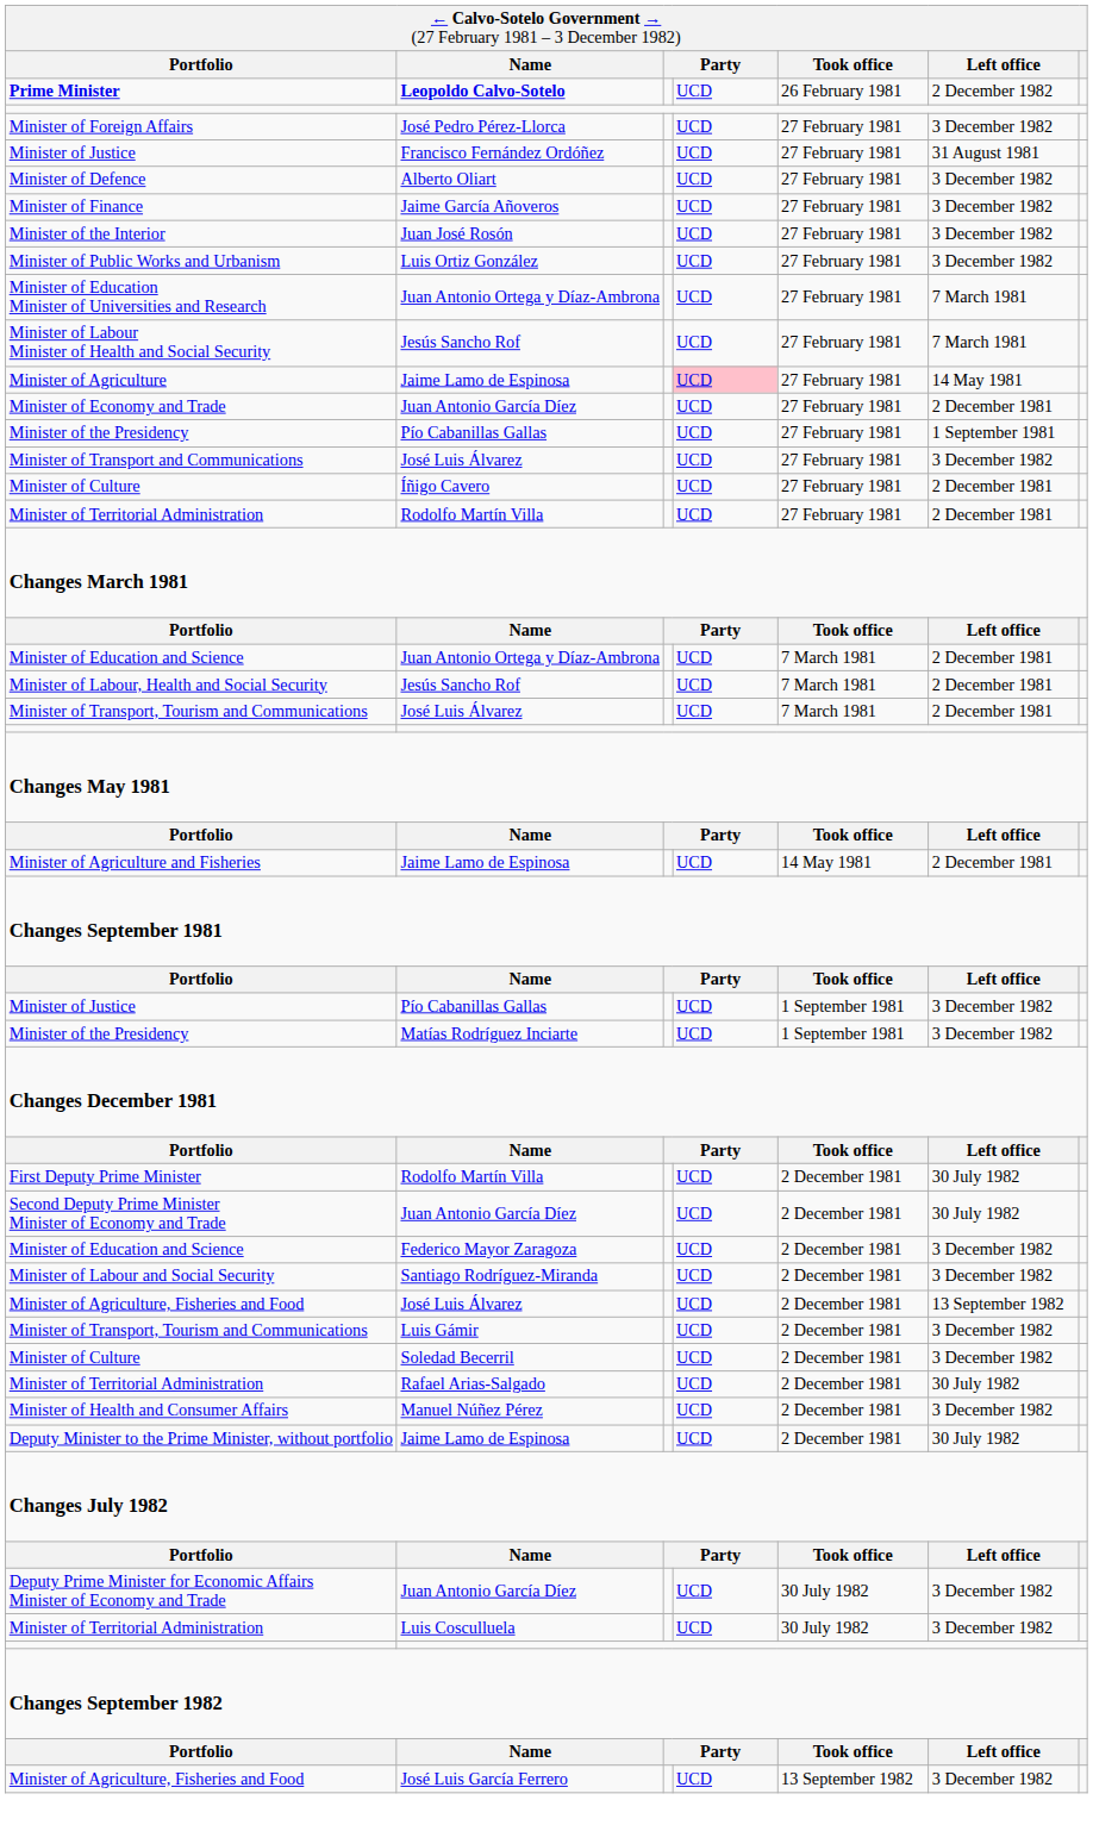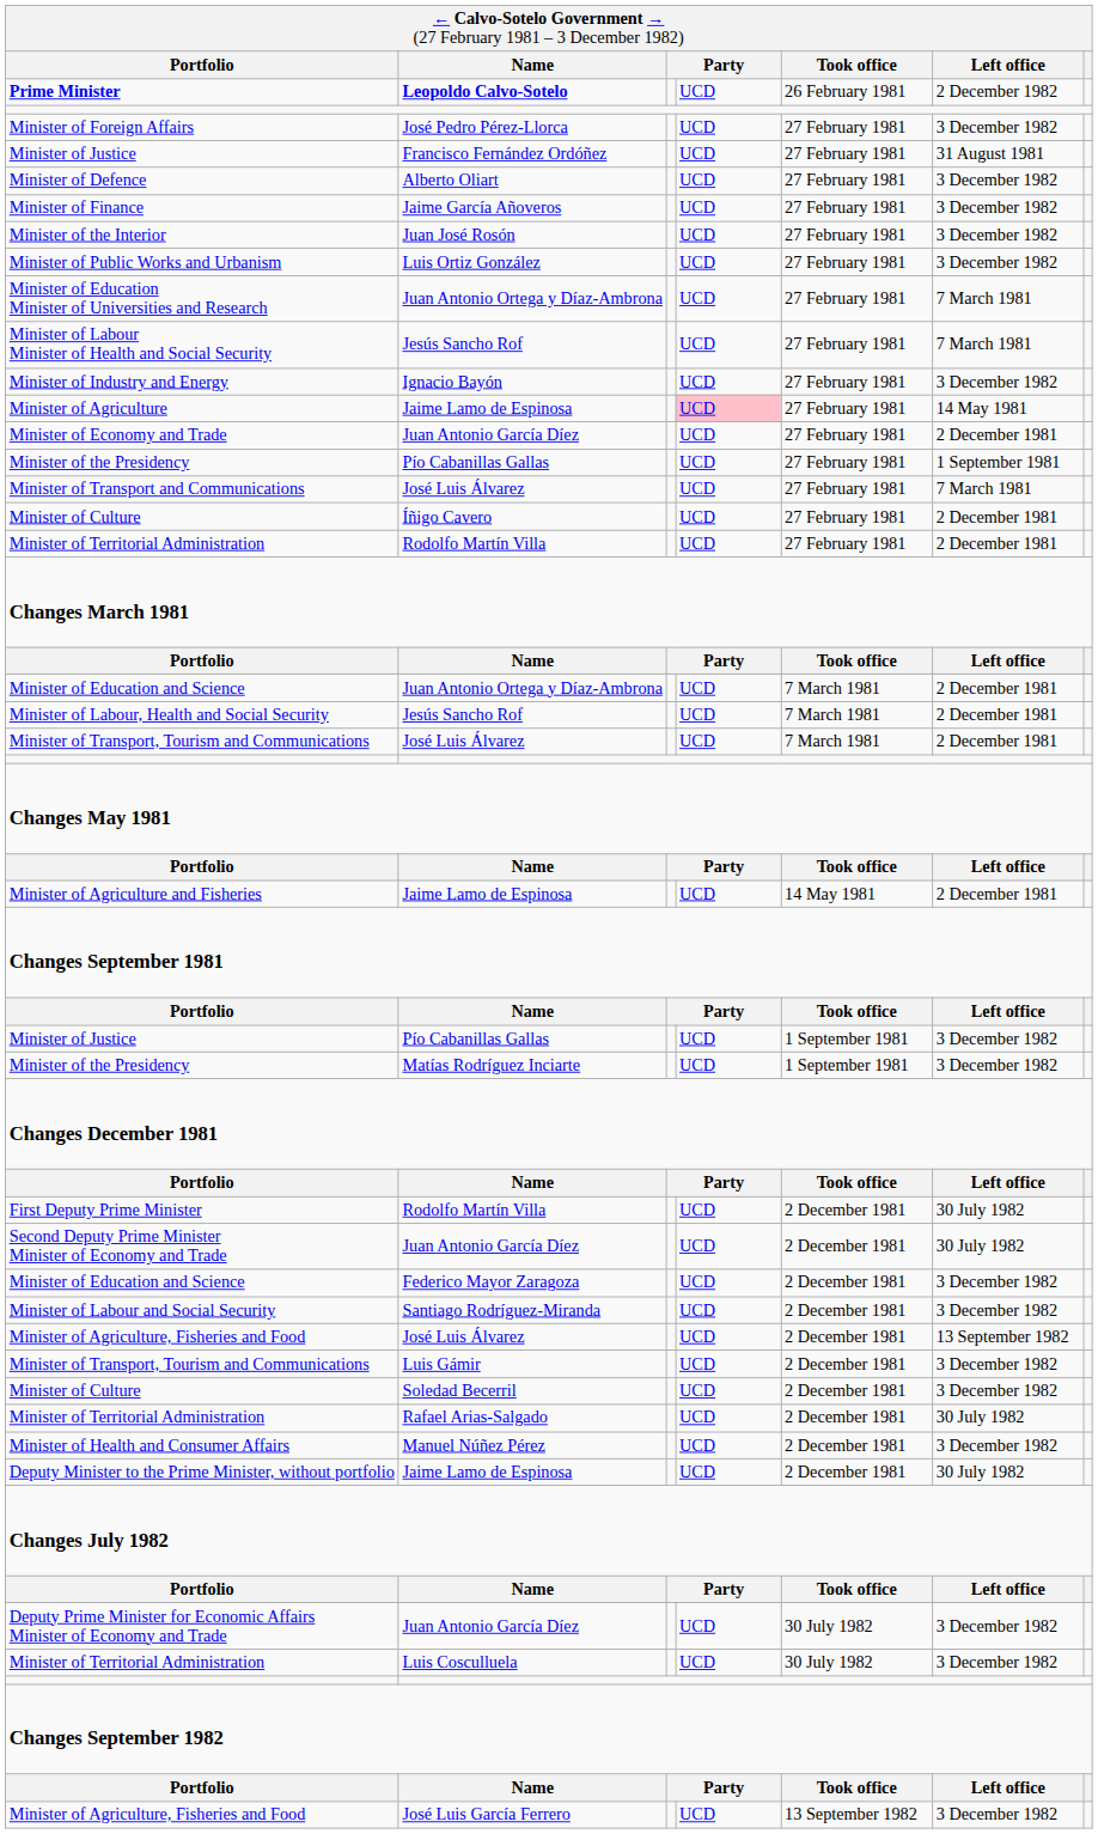 <table class="wikitable">
 <tr>
 <td colspan="7" bgcolor="#F2F2F2" align="center"><a href='#'>←</a> <strong>Calvo-Sotelo Government</strong> <a href='#'>→</a><br>(27 February 1981 – 3 December 1982)</td>
 </tr>
 <tr>
 <th>Portfolio</th>
 <th>Name</th>
 <th width="100px" colspan="2">Party</th>
 <th width="135px">Took office</th>
 <th width="135px">Left office</th>
 <th></th>
 </tr>
 <tr>
 <td><strong><a href='#'>Prime Minister</a></strong></td>
 <td><strong><a href='#'>Leopoldo Calvo-Sotelo</a></strong></td>
 <td width="1" style="background-color:"></td>
 <td><a href='#'>UCD</a></td>
 <td>26 February 1981</td>
 <td>2 December 1982</td>
 <td align="center"></td>
 </tr>
 <tr>
 <td colspan="7"></td>
 </tr>
 <tr>
 <td><a href='#'>Minister of Foreign Affairs</a></td>
 <td><a href='#'>José Pedro Pérez-Llorca</a></td>
 <td style="background-color:"></td>
 <td><a href='#'>UCD</a></td>
 <td>27 February 1981</td>
 <td>3 December 1982</td>
 <td align="center"></td>
 </tr>
 <tr>
 <td><a href='#'>Minister of Justice</a></td>
 <td><a href='#'>Francisco Fernández Ordóñez</a></td>
 <td style="background-color:"></td>
 <td><a href='#'>UCD</a></td>
 <td>27 February 1981</td>
 <td>31 August 1981</td>
 <td align="center"></td>
 </tr>
 <tr>
 <td><a href='#'>Minister of Defence</a></td>
 <td><a href='#'>Alberto Oliart</a></td>
 <td style="background-color:"></td>
 <td><a href='#'>UCD</a></td>
 <td>27 February 1981</td>
 <td>3 December 1982</td>
 <td align="center"></td>
 </tr>
 <tr>
 <td><a href='#'>Minister of Finance</a></td>
 <td><a href='#'>Jaime García Añoveros</a></td>
 <td style="background-color:"></td>
 <td><a href='#'>UCD</a></td>
 <td>27 February 1981</td>
 <td>3 December 1982</td>
 <td align="center"></td>
 </tr>
 <tr>
 <td><a href='#'>Minister of the Interior</a></td>
 <td><a href='#'>Juan José Rosón</a></td>
 <td style="background-color:"></td>
 <td><a href='#'>UCD</a></td>
 <td>27 February 1981</td>
 <td>3 December 1982</td>
 <td align="center"></td>
 </tr>
 <tr>
 <td><a href='#'>Minister of Public Works and Urbanism</a></td>
 <td><a href='#'>Luis Ortiz González</a></td>
 <td style="background-color:"></td>
 <td><a href='#'>UCD</a></td>
 <td>27 February 1981</td>
 <td>3 December 1982</td>
 <td align="center"></td>
 </tr>
 <tr>
 <td><a href='#'>Minister of Education</a><br><a href='#'>Minister of Universities and Research</a></td>
 <td><a href='#'>Juan Antonio Ortega y Díaz-Ambrona</a></td>
 <td style="background-color:"></td>
 <td><a href='#'>UCD</a></td>
 <td>27 February 1981</td>
 <td>7 March 1981</td>
 <td align="center"></td>
 </tr>
 <tr>
 <td><a href='#'>Minister of Labour</a><br><a href='#'>Minister of Health and Social Security</a></td>
 <td><a href='#'>Jesús Sancho Rof</a></td>
 <td style="background-color:"></td>
 <td><a href='#'>UCD</a></td>
 <td>27 February 1981</td>
 <td>7 March 1981</td>
 <td align="center"></td>
 </tr>
 <tr>
+<td><a href='#'>Minister of Industry and Energy</a></td>
+<td><a href='#'>Ignacio Bayón</a></td>
+<td style="background-color:"></td>
+<td><a href='#'>UCD</a> </td>
+<td>27 February 1981</td>
+<td>3 December 1982</td>
+<td align="center"></td>
+</tr>
+<tr>
 <td><a href='#'>Minister of Agriculture</a></td>
 <td><a href='#'>Jaime Lamo de Espinosa</a></td>
 <td style="background-color:"></td>
 <td style="background: pink;"><a href='#'>UCD</a></td>
 <td>27 February 1981</td>
 <td>14 May 1981</td>
 <td align="center"></td>
 </tr>
 <tr>
 <td><a href='#'>Minister of Economy and Trade</a></td>
 <td><a href='#'>Juan Antonio García Díez</a></td>
 <td style="background-color:"></td>
 <td><a href='#'>UCD</a></td>
 <td>27 February 1981</td>
 <td>2 December 1981</td>
 <td align="center"></td>
 </tr>
 <tr>
 <td><a href='#'>Minister of the Presidency</a></td>
 <td><a href='#'>Pío Cabanillas Gallas</a></td>
 <td style="background-color:"></td>
 <td><a href='#'>UCD</a></td>
 <td>27 February 1981</td>
 <td>1 September 1981</td>
 <td align="center"></td>
 </tr>
 <tr>
 <td><a href='#'>Minister of Transport and Communications</a></td>
 <td><a href='#'>José Luis Álvarez</a></td>
 <td style="background-color:"></td>
 <td><a href='#'>UCD</a></td>
 <td>27 February 1981</td>
-<td>3 December 1982</td>
+<td>7 March 1981</td>
 <td align="center"></td>
 </tr>
 <tr>
 <td><a href='#'>Minister of Culture</a></td>
 <td><a href='#'>Íñigo Cavero</a></td>
 <td style="background-color:"></td>
 <td><a href='#'>UCD</a></td>
 <td>27 February 1981</td>
 <td>2 December 1981</td>
 <td align="center"></td>
 </tr>
 <tr>
 <td><a href='#'>Minister of Territorial Administration</a></td>
 <td><a href='#'>Rodolfo Martín Villa</a></td>
 <td style="background-color:"></td>
 <td><a href='#'>UCD</a></td>
 <td>27 February 1981</td>
 <td>2 December 1981</td>
 <td align="center"></td>
 </tr>
 <tr>
 <td colspan="7"><br><h3>Changes March 1981</h3></td>
 </tr>
 <tr>
 <th>Portfolio</th>
 <th>Name</th>
 <th colspan="2">Party</th>
 <th>Took office</th>
 <th>Left office</th>
 <th></th>
 </tr>
 <tr>
 <td><a href='#'>Minister of Education and Science</a></td>
 <td><a href='#'>Juan Antonio Ortega y Díaz-Ambrona</a></td>
 <td style="background-color:"></td>
 <td><a href='#'>UCD</a></td>
 <td>7 March 1981</td>
 <td>2 December 1981</td>
 <td align="center"></td>
 </tr>
 <tr>
 <td><a href='#'>Minister of Labour, Health and Social Security</a></td>
 <td><a href='#'>Jesús Sancho Rof</a></td>
 <td style="background-color:"></td>
 <td><a href='#'>UCD</a></td>
 <td>7 March 1981</td>
 <td>2 December 1981</td>
 <td align="center"></td>
 </tr>
 <tr>
 <td><a href='#'>Minister of Transport, Tourism and Communications</a></td>
 <td><a href='#'>José Luis Álvarez</a></td>
 <td style="background-color:"></td>
 <td><a href='#'>UCD</a></td>
 <td>7 March 1981</td>
 <td>2 December 1981</td>
 <td align="center"></td>
 </tr>
 <tr>
 <td></td>
 <td colspan="6"></td>
 </tr>
 <tr>
 <td colspan="7"><br><h3>Changes May 1981</h3></td>
 </tr>
 <tr>
 <th>Portfolio</th>
 <th>Name</th>
 <th colspan="2">Party</th>
 <th>Took office</th>
 <th>Left office</th>
 <th></th>
 </tr>
 <tr>
 <td><a href='#'>Minister of Agriculture and Fisheries</a></td>
 <td><a href='#'>Jaime Lamo de Espinosa</a></td>
 <td style="background-color:"></td>
 <td><a href='#'>UCD</a></td>
 <td>14 May 1981</td>
 <td>2 December 1981</td>
 <td align="center"></td>
 </tr>
 <tr>
 <td colspan="7"><br><h3>Changes September 1981</h3></td>
 </tr>
 <tr>
 <th>Portfolio</th>
 <th>Name</th>
 <th colspan="2">Party</th>
 <th>Took office</th>
 <th>Left office</th>
 <th></th>
 </tr>
 <tr>
 <td><a href='#'>Minister of Justice</a></td>
 <td><a href='#'>Pío Cabanillas Gallas</a></td>
 <td style="background-color:"></td>
 <td><a href='#'>UCD</a></td>
 <td>1 September 1981</td>
 <td>3 December 1982</td>
 <td align="center"></td>
 </tr>
 <tr>
 <td><a href='#'>Minister of the Presidency</a></td>
 <td><a href='#'>Matías Rodríguez Inciarte</a></td>
 <td style="background-color:"></td>
 <td><a href='#'>UCD</a></td>
 <td>1 September 1981</td>
 <td>3 December 1982</td>
 <td align="center"></td>
 </tr>
 <tr>
 <td colspan="7"><br><h3>Changes December 1981</h3></td>
 </tr>
 <tr>
 <th>Portfolio</th>
 <th>Name</th>
 <th colspan="2">Party</th>
 <th>Took office</th>
 <th>Left office</th>
 <th></th>
 </tr>
 <tr>
 <td><a href='#'>First Deputy Prime Minister</a></td>
 <td><a href='#'>Rodolfo Martín Villa</a></td>
 <td style="background-color:"></td>
 <td><a href='#'>UCD</a></td>
 <td>2 December 1981</td>
 <td>30 July 1982</td>
 <td align="center"></td>
 </tr>
 <tr>
 <td><a href='#'>Second Deputy Prime Minister</a><br><a href='#'>Minister of Economy and Trade</a></td>
 <td><a href='#'>Juan Antonio García Díez</a></td>
 <td style="background-color:"></td>
 <td><a href='#'>UCD</a></td>
 <td>2 December 1981</td>
 <td>30 July 1982</td>
 <td align="center"></td>
 </tr>
 <tr>
 <td><a href='#'>Minister of Education and Science</a></td>
 <td><a href='#'>Federico Mayor Zaragoza</a></td>
 <td style="background-color:"></td>
 <td><a href='#'>UCD</a> </td>
 <td>2 December 1981</td>
 <td>3 December 1982</td>
 <td align="center"></td>
 </tr>
 <tr>
 <td><a href='#'>Minister of Labour and Social Security</a></td>
 <td><a href='#'>Santiago Rodríguez-Miranda</a></td>
 <td style="background-color:"></td>
 <td><a href='#'>UCD</a> </td>
 <td>2 December 1981</td>
 <td>3 December 1982</td>
 <td align="center"></td>
 </tr>
 <tr>
 <td><a href='#'>Minister of Agriculture, Fisheries and Food</a></td>
 <td><a href='#'>José Luis Álvarez</a></td>
 <td style="background-color:"></td>
 <td><a href='#'>UCD</a></td>
 <td>2 December 1981</td>
 <td>13 September 1982</td>
 <td align="center"></td>
 </tr>
 <tr>
 <td><a href='#'>Minister of Transport, Tourism and Communications</a></td>
 <td><a href='#'>Luis Gámir</a></td>
 <td style="background-color:"></td>
 <td><a href='#'>UCD</a></td>
 <td>2 December 1981</td>
 <td>3 December 1982</td>
 <td align="center"></td>
 </tr>
 <tr>
 <td><a href='#'>Minister of Culture</a></td>
 <td><a href='#'>Soledad Becerril</a></td>
 <td style="background-color:"></td>
 <td><a href='#'>UCD</a></td>
 <td>2 December 1981</td>
 <td>3 December 1982</td>
 <td align="center"></td>
 </tr>
 <tr>
 <td><a href='#'>Minister of Territorial Administration</a></td>
 <td><a href='#'>Rafael Arias-Salgado</a></td>
 <td style="background-color:"></td>
 <td><a href='#'>UCD</a></td>
 <td>2 December 1981</td>
 <td>30 July 1982</td>
 <td align="center"></td>
 </tr>
 <tr>
 <td><a href='#'>Minister of Health and Consumer Affairs</a></td>
 <td><a href='#'>Manuel Núñez Pérez</a></td>
 <td style="background-color:"></td>
 <td><a href='#'>UCD</a></td>
 <td>2 December 1981</td>
 <td>3 December 1982</td>
 <td align="center"></td>
 </tr>
 <tr>
 <td><a href='#'>Deputy Minister to the Prime Minister, without portfolio</a></td>
 <td><a href='#'>Jaime Lamo de Espinosa</a></td>
 <td style="background-color:"></td>
 <td><a href='#'>UCD</a></td>
 <td>2 December 1981</td>
 <td>30 July 1982</td>
 <td align="center"></td>
 </tr>
 <tr>
 <td colspan="7"><br><h3>Changes July 1982</h3></td>
 </tr>
 <tr>
 <th>Portfolio</th>
 <th>Name</th>
 <th colspan="2">Party</th>
 <th>Took office</th>
 <th>Left office</th>
 <th></th>
 </tr>
 <tr>
 <td><a href='#'>Deputy Prime Minister for Economic Affairs</a><br><a href='#'>Minister of Economy and Trade</a></td>
 <td><a href='#'>Juan Antonio García Díez</a></td>
 <td style="background-color:"></td>
 <td><a href='#'>UCD</a></td>
 <td>30 July 1982</td>
 <td>3 December 1982</td>
 <td align="center"></td>
 </tr>
 <tr>
 <td><a href='#'>Minister of Territorial Administration</a></td>
 <td><a href='#'>Luis Cosculluela</a></td>
 <td style="background-color:"></td>
 <td><a href='#'>UCD</a> </td>
 <td>30 July 1982</td>
 <td>3 December 1982</td>
 <td align="center"></td>
 </tr>
 <tr>
 <td></td>
 <td colspan="6"></td>
 </tr>
 <tr>
 <td colspan="7"><br><h3>Changes September 1982</h3></td>
 </tr>
 <tr>
 <th>Portfolio</th>
 <th>Name</th>
 <th colspan="2">Party</th>
 <th>Took office</th>
 <th>Left office</th>
 <th></th>
 </tr>
 <tr>
 <td><a href='#'>Minister of Agriculture, Fisheries and Food</a></td>
 <td><a href='#'>José Luis García Ferrero</a></td>
 <td style="background-color:"></td>
 <td><a href='#'>UCD</a> </td>
 <td>13 September 1982</td>
 <td>3 December 1982</td>
 <td align="center"></td>
 </tr>
 </table>
